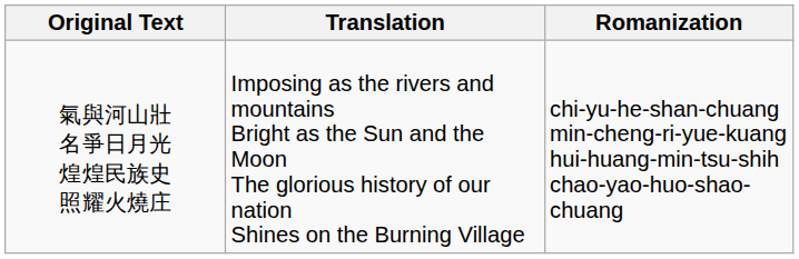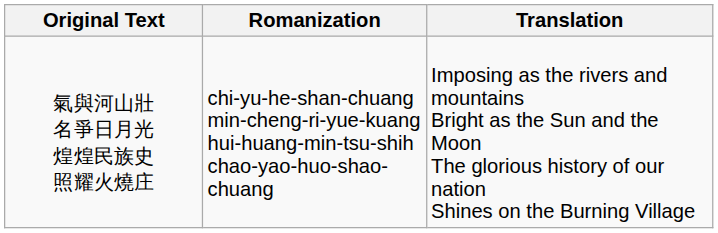 <table class=wikitable style="text-align:center">
 <tr>
 <th width=150>Original Text</th>
+<th width=170>Romanization</th>
 <th width=220>Translation</th>
-<th width=170>Romanization</th>
 </tr>
 <tr>
 <td align="center"><br>氣與河山壯<br> 名爭日月光<br> 煌煌民族史<br> 照耀火燒庄</td>
+<td align="left"><br>chi-yu-he-shan-chuang<br> min-cheng-ri-yue-kuang<br> hui-huang-min-tsu-shih<br> chao-yao-huo-shao-chuang</td>
 <td align="left"><br>Imposing as the rivers and mountains<br> Bright as the Sun and the Moon<br> The glorious history of our nation<br> Shines on the Burning Village</td>
-<td align="left"><br>chi-yu-he-shan-chuang<br> min-cheng-ri-yue-kuang<br> hui-huang-min-tsu-shih<br> chao-yao-huo-shao-chuang</td>
 </tr>
 </table>
